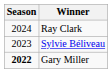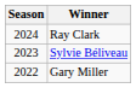 <table class='wikitable'>
 <tr>
 <th>Season</th>
 <th>Winner</th>
 </tr>
 <tr>
 <td align="center">2024</td>
 <td> Ray Clark</td>
 </tr>
 <tr>
 <td align=center>2023</td>
 <td> <a href='#'>Sylvie Béliveau</a></td>
 </tr>
 <tr>
-<td align=center><strong>2022</strong></td>
+<td align=center>2022</td>
 <td> Gary Miller</td>
 </tr>
 </table>
